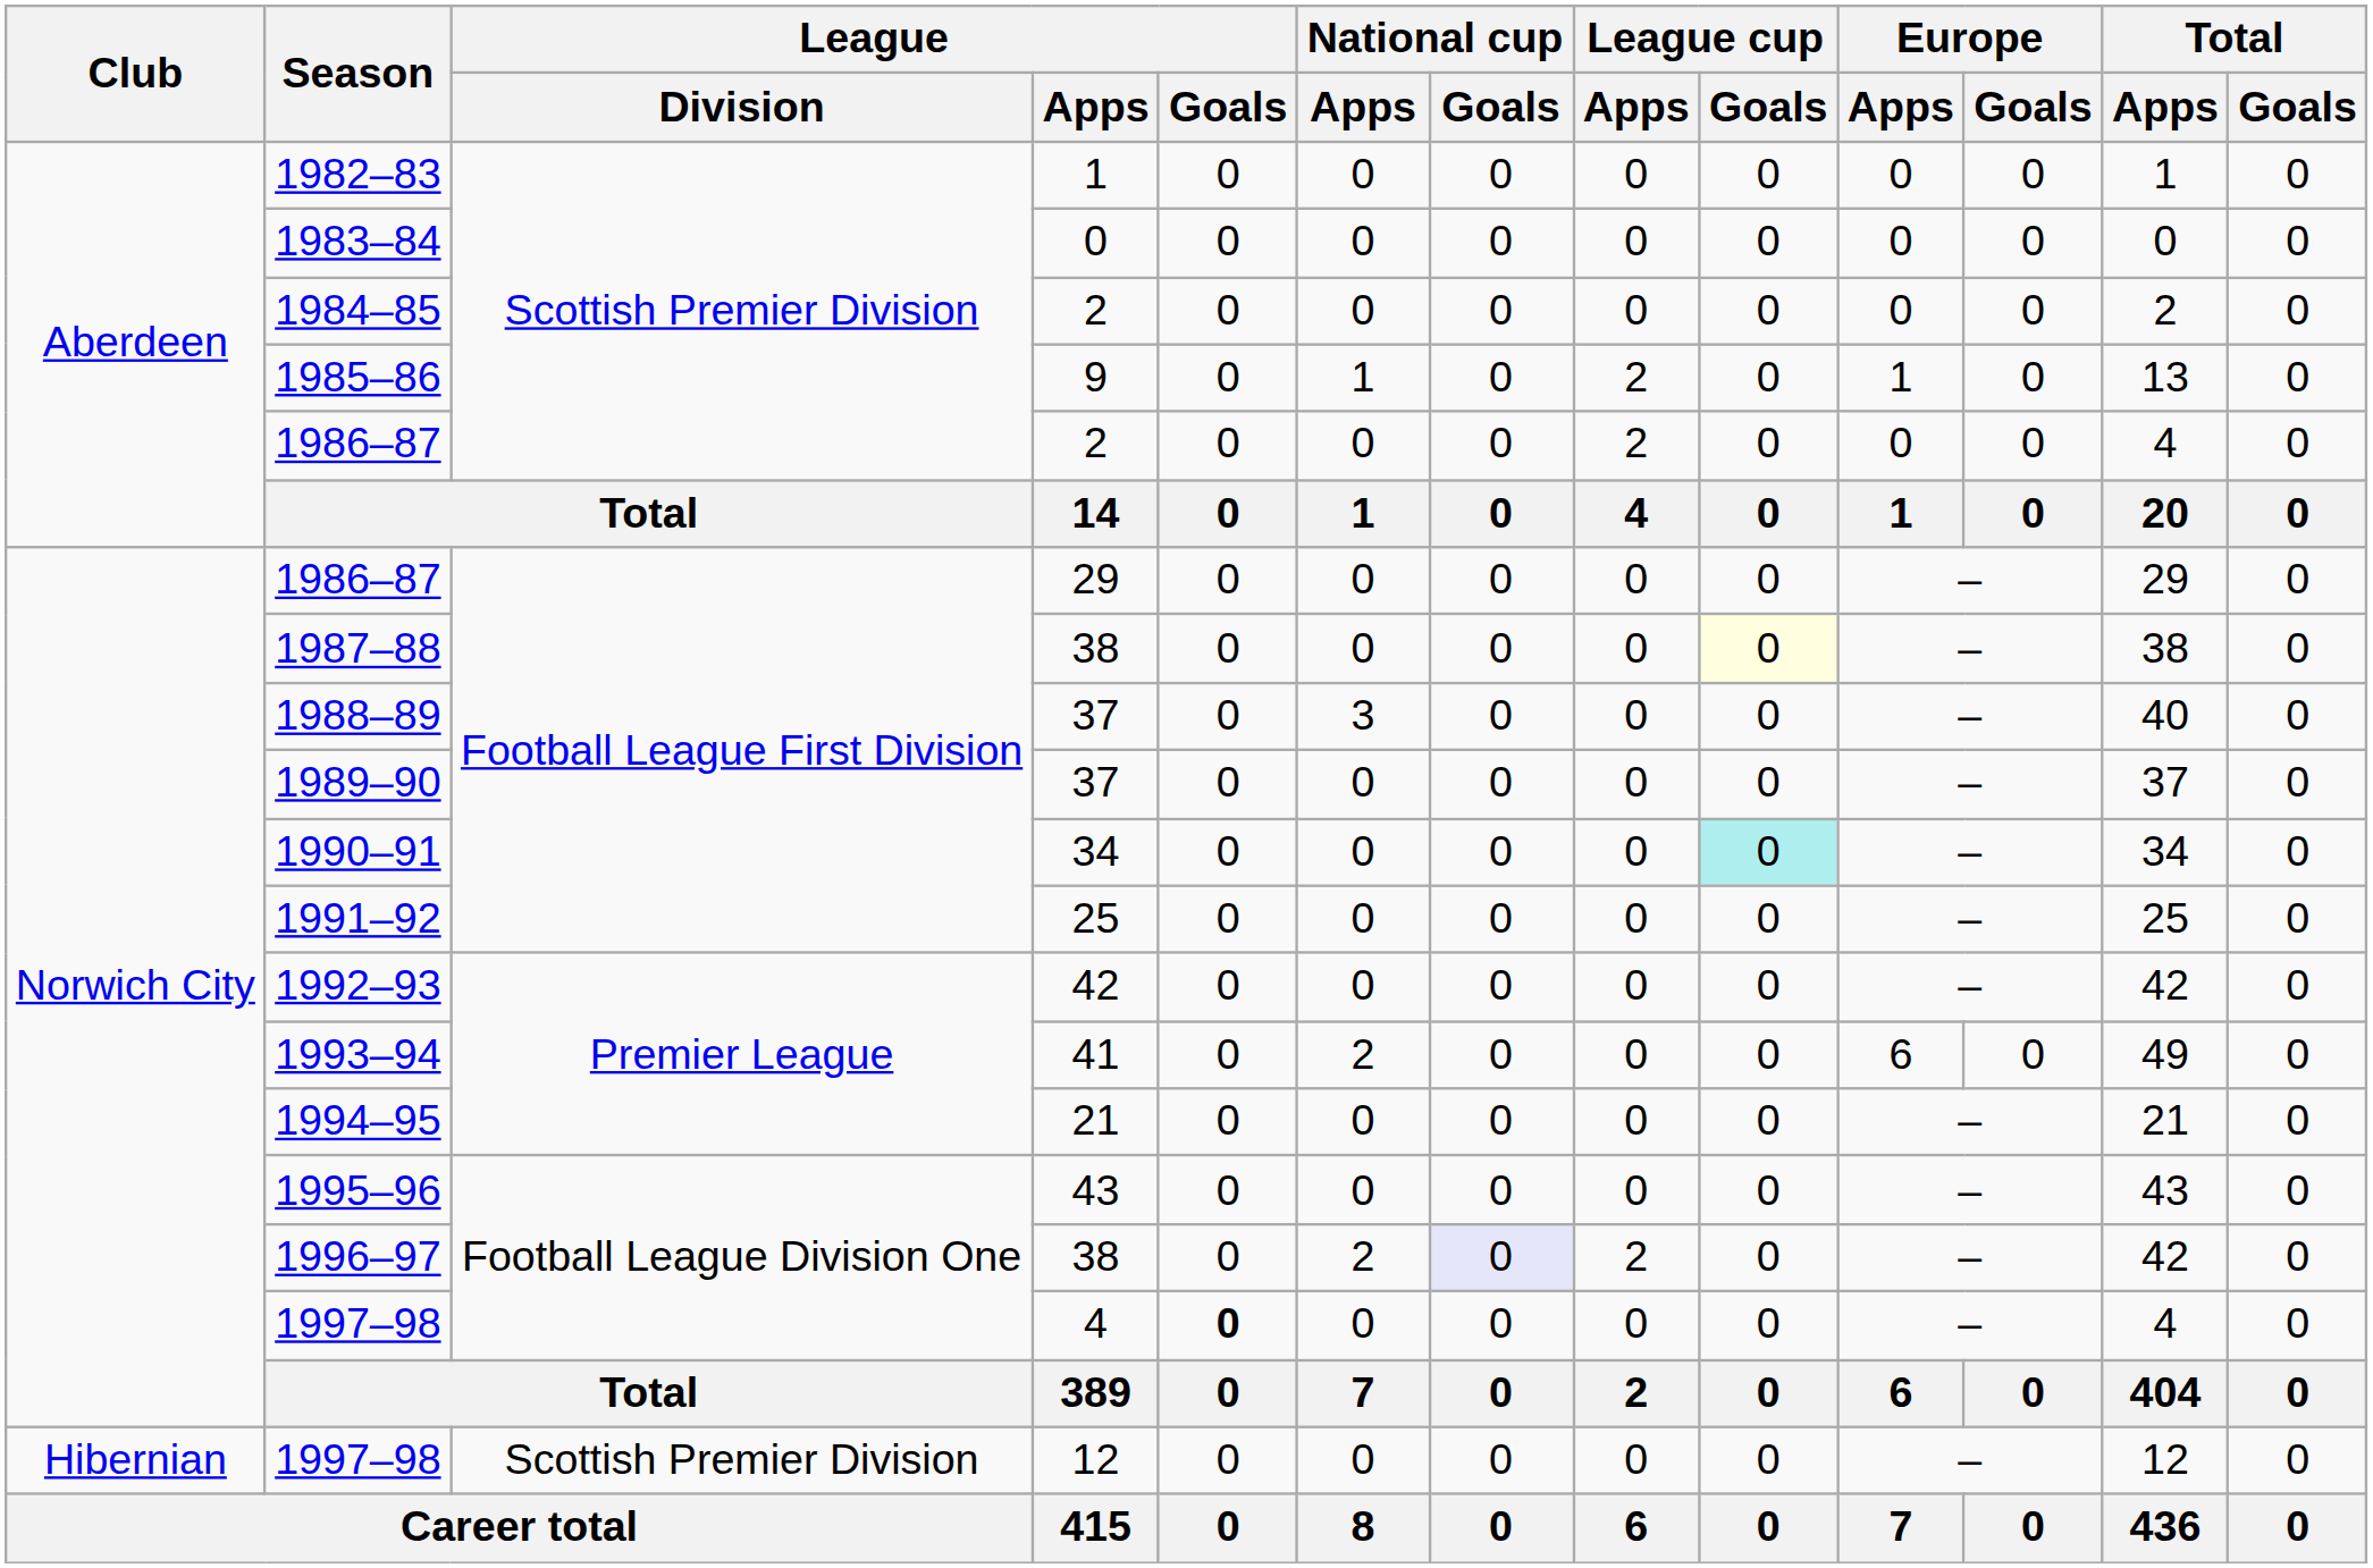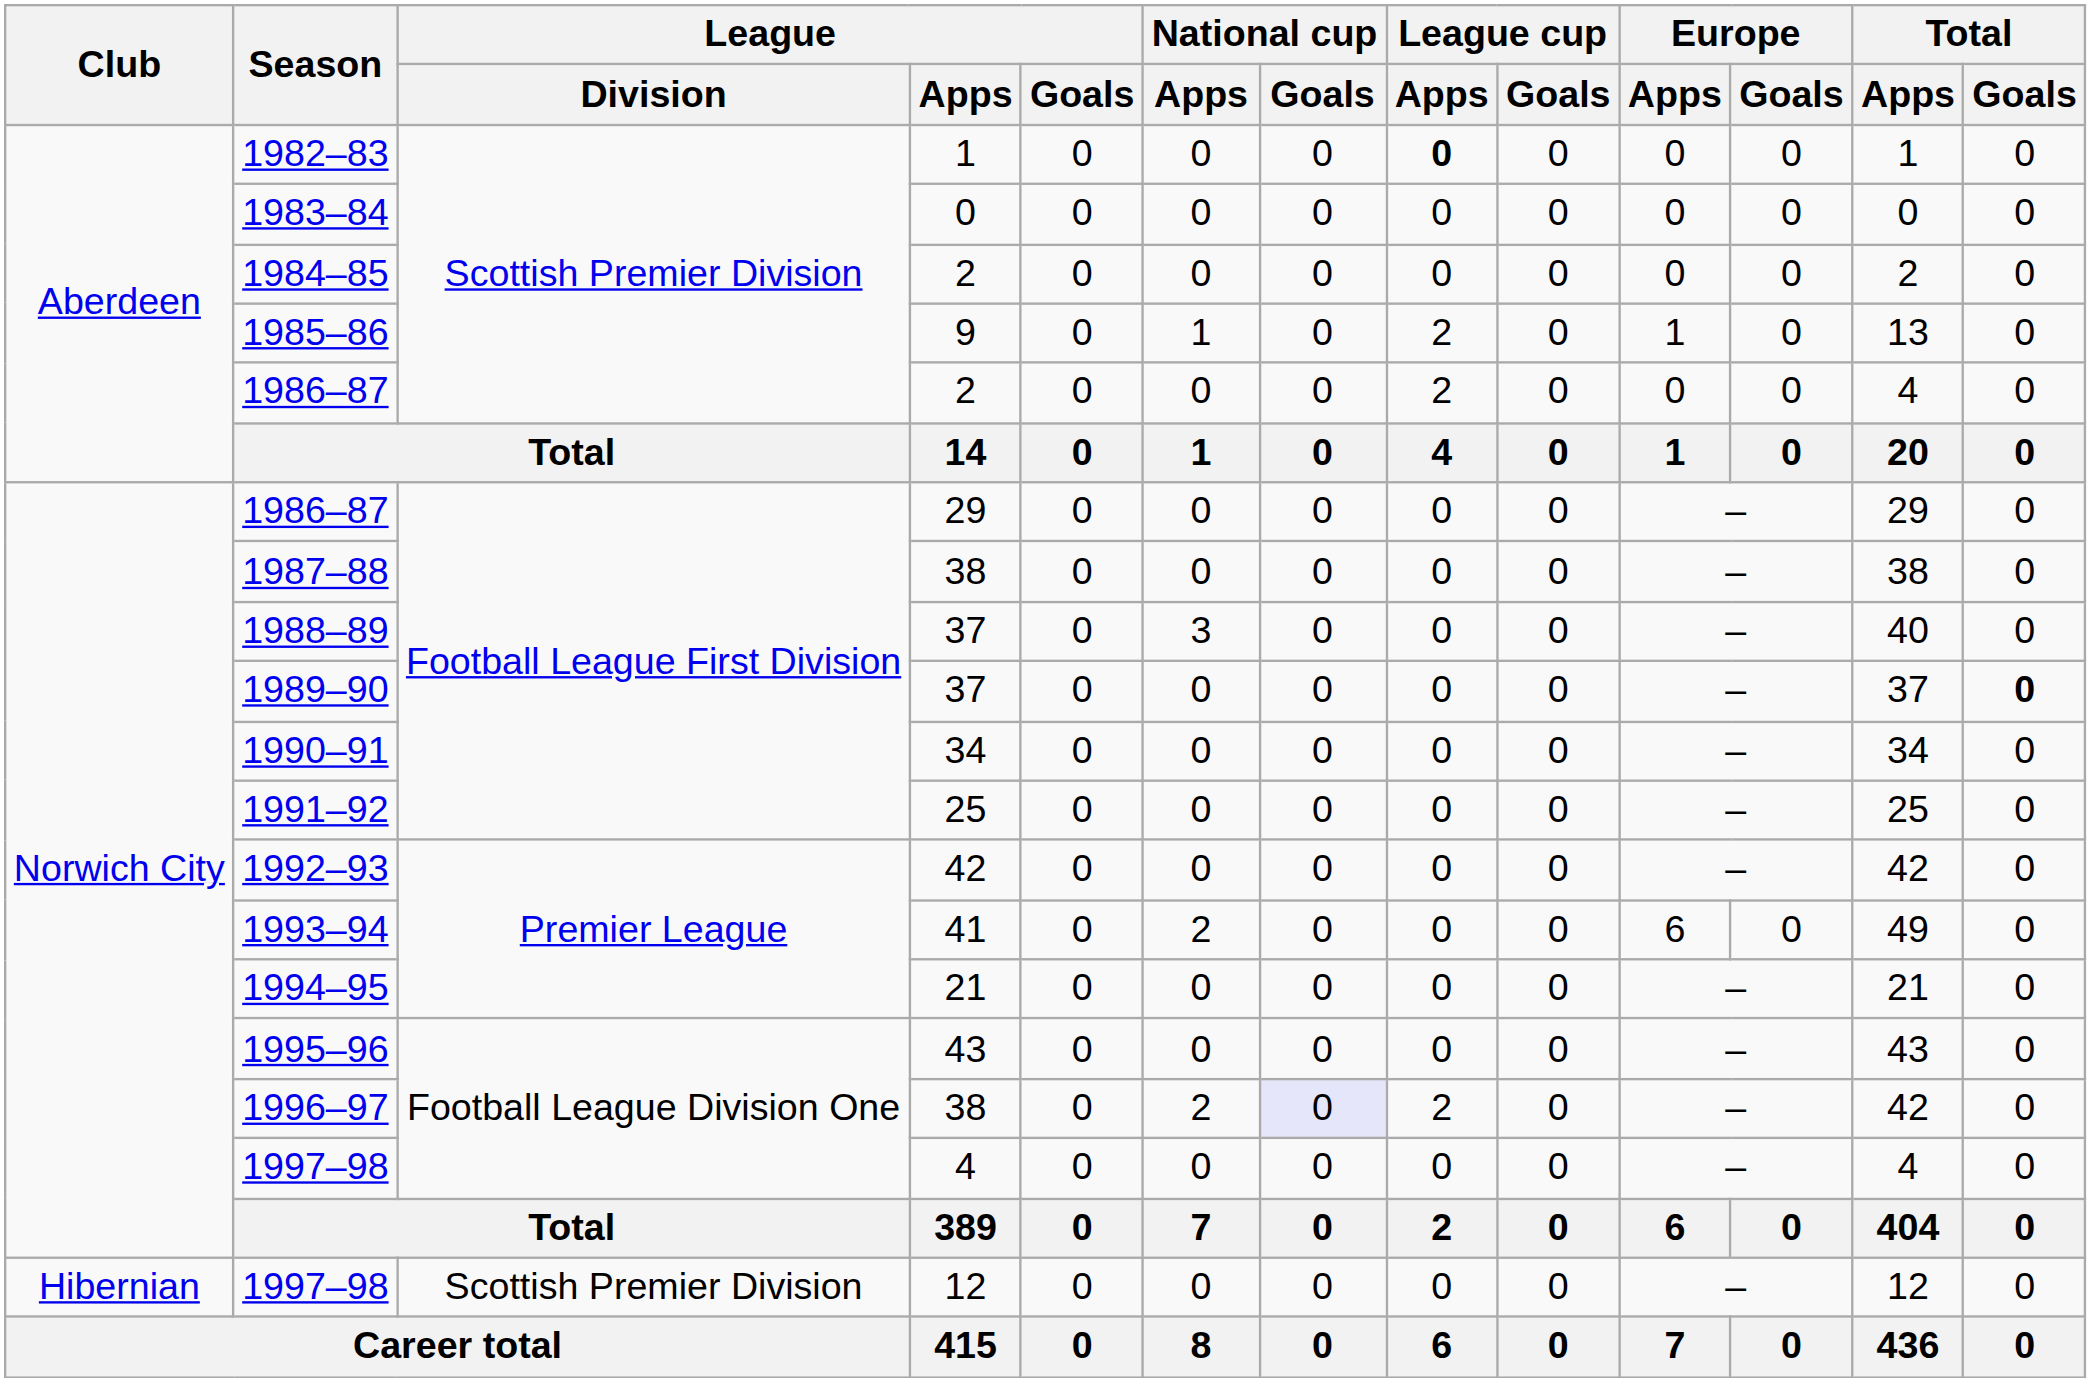 <table class="wikitable" style="text-align:center">
 <tr>
 <th rowspan="2">Club</th>
 <th rowspan="2">Season</th>
 <th colspan="3">League</th>
 <th colspan="2">National cup</th>
 <th colspan="2">League cup</th>
 <th colspan="2">Europe</th>
 <th colspan="2">Total</th>
 </tr>
 <tr>
 <th>Division</th>
 <th>Apps</th>
 <th>Goals</th>
 <th>Apps</th>
 <th>Goals</th>
 <th>Apps</th>
 <th>Goals</th>
 <th>Apps</th>
 <th>Goals</th>
 <th>Apps</th>
 <th>Goals</th>
 </tr>
 <tr>
 <td rowspan="6"><a href='#'>Aberdeen</a></td>
 <td><a href='#'>1982–83</a></td>
 <td rowspan="5"><a href='#'>Scottish Premier Division</a></td>
 <td>1</td>
 <td>0</td>
 <td>0</td>
 <td>0</td>
-<td>0</td>
+<td><strong>0</strong></td>
 <td>0</td>
 <td>0</td>
 <td>0</td>
 <td>1</td>
 <td>0</td>
 </tr>
 <tr>
 <td><a href='#'>1983–84</a></td>
 <td>0</td>
 <td>0</td>
 <td>0</td>
 <td>0</td>
 <td>0</td>
 <td>0</td>
 <td>0</td>
 <td>0</td>
 <td>0</td>
 <td>0</td>
 </tr>
 <tr>
 <td><a href='#'>1984–85</a></td>
 <td>2</td>
 <td>0</td>
 <td>0</td>
 <td>0</td>
 <td>0</td>
 <td>0</td>
 <td>0</td>
 <td>0</td>
 <td>2</td>
 <td>0</td>
 </tr>
 <tr>
 <td><a href='#'>1985–86</a></td>
 <td>9</td>
 <td>0</td>
 <td>1</td>
 <td>0</td>
 <td>2</td>
 <td>0</td>
 <td>1</td>
 <td>0</td>
 <td>13</td>
 <td>0</td>
 </tr>
 <tr>
 <td><a href='#'>1986–87</a></td>
 <td>2</td>
 <td>0</td>
 <td>0</td>
 <td>0</td>
 <td>2</td>
 <td>0</td>
 <td>0</td>
 <td>0</td>
 <td>4</td>
 <td>0</td>
 </tr>
 <tr>
 <th colspan="2">Total</th>
 <th>14</th>
 <th>0</th>
 <th>1</th>
 <th>0</th>
 <th>4</th>
 <th>0</th>
 <th>1</th>
 <th>0</th>
 <th>20</th>
 <th>0</th>
 </tr>
 <tr>
 <td rowspan="13"><a href='#'>Norwich City</a></td>
 <td><a href='#'>1986–87</a></td>
 <td rowspan="6"><a href='#'>Football League First Division</a></td>
 <td>29</td>
 <td>0</td>
 <td>0</td>
 <td>0</td>
 <td>0</td>
 <td>0</td>
 <td colspan="2">–</td>
 <td>29</td>
 <td>0</td>
 </tr>
 <tr>
 <td><a href='#'>1987–88</a></td>
 <td>38</td>
 <td>0</td>
 <td>0</td>
 <td>0</td>
 <td>0</td>
-<td style="background: lightyellow;">0</td>
+<td>0</td>
 <td colspan="2">–</td>
 <td>38</td>
 <td>0</td>
 </tr>
 <tr>
 <td><a href='#'>1988–89</a></td>
 <td>37</td>
 <td>0</td>
 <td>3</td>
 <td>0</td>
 <td>0</td>
 <td>0</td>
 <td colspan="2">–</td>
 <td>40</td>
 <td>0</td>
 </tr>
 <tr>
 <td><a href='#'>1989–90</a></td>
 <td>37</td>
 <td>0</td>
 <td>0</td>
 <td>0</td>
 <td>0</td>
 <td>0</td>
 <td colspan="2">–</td>
 <td>37</td>
-<td>0</td>
+<td><strong>0</strong></td>
 </tr>
 <tr>
 <td><a href='#'>1990–91</a></td>
 <td>34</td>
 <td>0</td>
 <td>0</td>
 <td>0</td>
 <td>0</td>
-<td style="background: paleturquoise;">0</td>
+<td>0</td>
 <td colspan="2">–</td>
 <td>34</td>
 <td>0</td>
 </tr>
 <tr>
 <td><a href='#'>1991–92</a></td>
 <td>25</td>
 <td>0</td>
 <td>0</td>
 <td>0</td>
 <td>0</td>
 <td>0</td>
 <td colspan="2">–</td>
 <td>25</td>
 <td>0</td>
 </tr>
 <tr>
 <td><a href='#'>1992–93</a></td>
 <td rowspan="3"><a href='#'>Premier League</a></td>
 <td>42</td>
 <td>0</td>
 <td>0</td>
 <td>0</td>
 <td>0</td>
 <td>0</td>
 <td colspan="2">–</td>
 <td>42</td>
 <td>0</td>
 </tr>
 <tr>
 <td><a href='#'>1993–94</a></td>
 <td>41</td>
 <td>0</td>
 <td>2</td>
 <td>0</td>
 <td>0</td>
 <td>0</td>
 <td>6</td>
 <td>0</td>
 <td>49</td>
 <td>0</td>
 </tr>
 <tr>
 <td><a href='#'>1994–95</a></td>
 <td>21</td>
 <td>0</td>
 <td>0</td>
 <td>0</td>
 <td>0</td>
 <td>0</td>
 <td colspan="2">–</td>
 <td>21</td>
 <td>0</td>
 </tr>
 <tr>
 <td><a href='#'>1995–96</a></td>
 <td rowspan="3">Football League Division One</td>
 <td>43</td>
 <td>0</td>
 <td>0</td>
 <td>0</td>
 <td>0</td>
 <td>0</td>
 <td colspan="2">–</td>
 <td>43</td>
 <td>0</td>
 </tr>
 <tr>
 <td><a href='#'>1996–97</a></td>
 <td>38</td>
 <td>0</td>
 <td>2</td>
 <td style="background: lavender;">0</td>
 <td>2</td>
 <td>0</td>
 <td colspan="2">–</td>
 <td>42</td>
 <td>0</td>
 </tr>
 <tr>
 <td><a href='#'>1997–98</a></td>
 <td>4</td>
-<td><strong>0</strong></td>
+<td>0</td>
 <td>0</td>
 <td>0</td>
 <td>0</td>
 <td>0</td>
 <td colspan="2">–</td>
 <td>4</td>
 <td>0</td>
 </tr>
 <tr>
 <th colspan="2">Total</th>
 <th>389</th>
 <th>0</th>
 <th>7</th>
 <th>0</th>
 <th>2</th>
 <th>0</th>
 <th>6</th>
 <th>0</th>
 <th>404</th>
 <th>0</th>
 </tr>
 <tr>
 <td><a href='#'>Hibernian</a></td>
 <td><a href='#'>1997–98</a></td>
 <td>Scottish Premier Division</td>
 <td>12</td>
 <td>0</td>
 <td>0</td>
 <td>0</td>
 <td>0</td>
 <td>0</td>
 <td colspan="2">–</td>
 <td>12</td>
 <td>0</td>
 </tr>
 <tr>
 <th colspan="3">Career total</th>
 <th>415</th>
 <th>0</th>
 <th>8</th>
 <th>0</th>
 <th>6</th>
 <th>0</th>
 <th>7</th>
 <th>0</th>
 <th>436</th>
 <th>0</th>
 </tr>
 </table>
